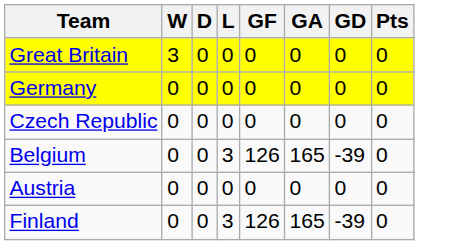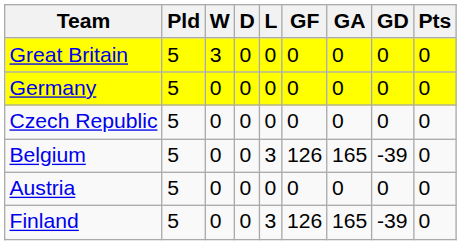 <table class="wikitable" border="1">
 <tr>
 <th>Team</th>
+<th>Pld</th>
 <th>W</th>
 <th>D</th>
 <th>L</th>
 <th>GF</th>
 <th>GA</th>
 <th>GD</th>
 <th>Pts</th>
 </tr>
 <tr style="background:#ffff00">
 <td> <a href='#'>Great Britain</a></td>
+<td>5</td>
 <td>3</td>
 <td>0</td>
 <td>0</td>
 <td>0</td>
 <td>0</td>
 <td>0</td>
 <td>0</td>
 </tr>
 <tr style="background:#ffff00">
 <td> <a href='#'>Germany</a></td>
+<td>5</td>
 <td>0</td>
 <td>0</td>
 <td>0</td>
 <td>0</td>
 <td>0</td>
 <td>0</td>
 <td>0</td>
 </tr>
 <tr>
 <td> <a href='#'>Czech Republic</a></td>
+<td>5</td>
 <td>0</td>
 <td>0</td>
 <td>0</td>
 <td>0</td>
 <td>0</td>
 <td>0</td>
 <td>0</td>
 </tr>
 <tr>
 <td> <a href='#'>Belgium</a></td>
+<td>5</td>
 <td>0</td>
 <td>0</td>
 <td>3</td>
 <td>126</td>
 <td>165</td>
 <td>-39</td>
 <td>0</td>
 </tr>
 <tr>
 <td> <a href='#'>Austria</a></td>
+<td>5</td>
 <td>0</td>
 <td>0</td>
 <td>0</td>
 <td>0</td>
 <td>0</td>
 <td>0</td>
 <td>0</td>
 </tr>
 <tr>
 <td> <a href='#'>Finland</a></td>
+<td>5</td>
 <td>0</td>
 <td>0</td>
 <td>3</td>
 <td>126</td>
 <td>165</td>
 <td>-39</td>
 <td>0</td>
 </tr>
 </table>
